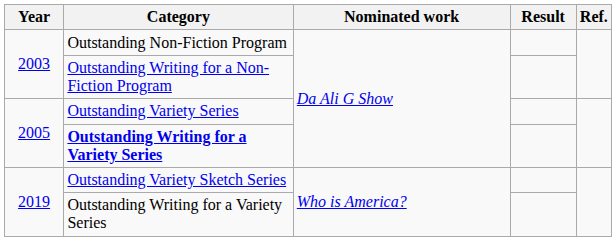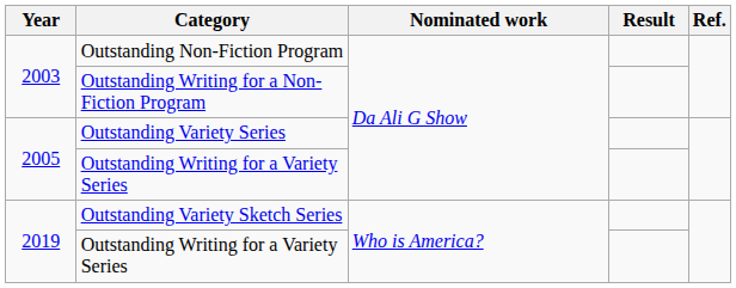 <table class=wikitable>
 <tr>
 <th scope="col" style="width:5em;">Year</th>
 <th scope="col" style="width:26em;">Category</th>
 <th scope="col" style="width:25em;">Nominated work</th>
 <th scope="col" style="width:5em;">Result</th>
 <th>Ref.</th>
 </tr>
 <tr>
 <td style="text-align:center;", rowspan=2><a href='#'>2003</a></td>
 <td>Outstanding Non-Fiction Program</td>
 <td rowspan=4><em><a href='#'>Da Ali G Show</a></em></td>
 <td></td>
 <td style="text-align:center;", rowspan=2></td>
 </tr>
 <tr>
 <td><a href='#'>Outstanding Writing for a Non-Fiction Program</a></td>
 <td></td>
 </tr>
 <tr>
 <td style="text-align:center;", rowspan=2><a href='#'>2005</a></td>
 <td><a href='#'>Outstanding Variety Series</a></td>
 <td></td>
 <td style="text-align:center;", rowspan=2></td>
 </tr>
 <tr>
-<td><strong><a href='#'>Outstanding Writing for a Variety Series</a></strong></td>
+<td><a href='#'>Outstanding Writing for a Variety Series</a></td>
 <td></td>
 </tr>
 <tr>
 <td style="text-align:center;", rowspan=2><a href='#'>2019</a></td>
 <td><a href='#'>Outstanding Variety Sketch Series</a></td>
 <td rowspan=2><em><a href='#'>Who is America?</a></em></td>
 <td></td>
 <td style="text-align:center;", rowspan=2></td>
 </tr>
 <tr>
 <td>Outstanding Writing for a Variety Series</td>
 <td></td>
 </tr>
 <tr>
 </tr>
 </table>
